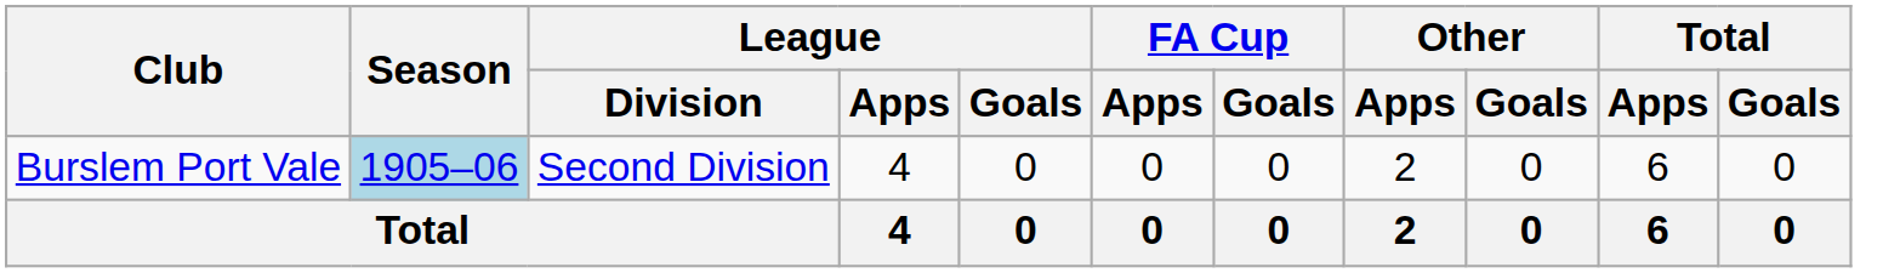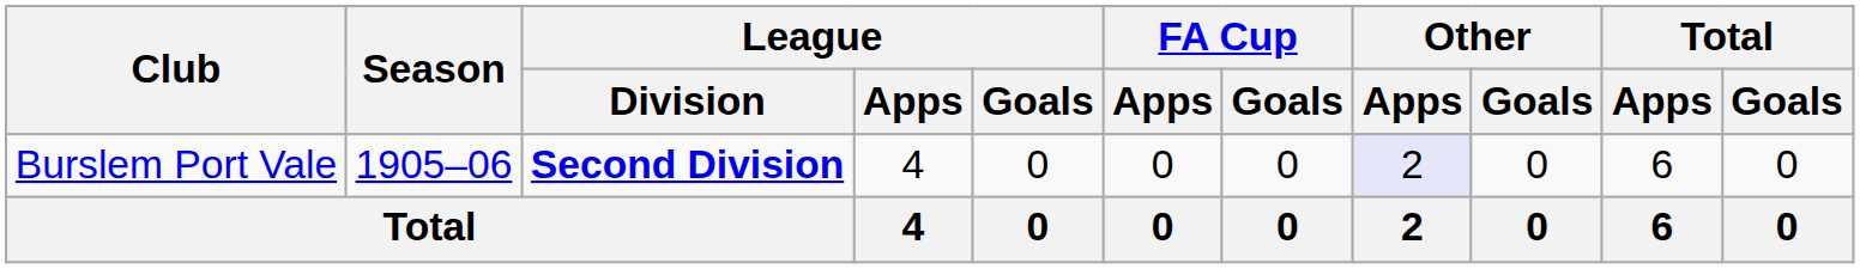 <table class="wikitable" style="text-align:center">
 <tr>
 <th rowspan="2">Club</th>
 <th rowspan="2">Season</th>
 <th colspan="3">League</th>
 <th colspan="2"><a href='#'>FA Cup</a></th>
 <th colspan="2">Other</th>
 <th colspan="2">Total</th>
 </tr>
 <tr>
 <th>Division</th>
 <th>Apps</th>
 <th>Goals</th>
 <th>Apps</th>
 <th>Goals</th>
 <th>Apps</th>
 <th>Goals</th>
 <th>Apps</th>
 <th>Goals</th>
 </tr>
 <tr>
 <td><a href='#'>Burslem Port Vale</a></td>
-<td style="background: lightblue;"><a href='#'>1905–06</a></td>
-<td><a href='#'>Second Division</a></td>
+<td><a href='#'>1905–06</a></td>
+<td><strong><a href='#'>Second Division</a></strong></td>
 <td>4</td>
 <td>0</td>
 <td>0</td>
 <td>0</td>
-<td>2</td>
+<td style="background: lavender;">2</td>
 <td>0</td>
 <td>6</td>
 <td>0</td>
 </tr>
 <tr>
 <th colspan="3">Total</th>
 <th>4</th>
 <th>0</th>
 <th>0</th>
 <th>0</th>
 <th>2</th>
 <th>0</th>
 <th>6</th>
 <th>0</th>
 </tr>
 </table>
